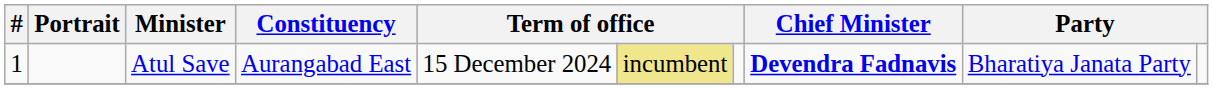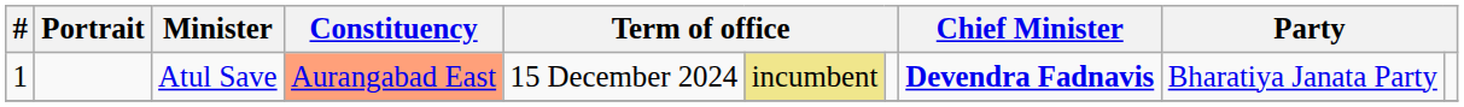 <table class="wikitable" style="text-align:center">
 <tr>
 <th>#</th>
 <th>Portrait</th>
 <th>Minister</th>
 <th><a href='#'>Constituency</a></th>
 <th colspan="3">Term of office</th>
 <th><a href='#'>Chief Minister</a></th>
 <th colspan="2">Party</th>
 </tr>
 <tr>
 <td>1</td>
 <td></td>
 <td><a href='#'>Atul Save</a></td>
-<td><a href='#'>Aurangabad East</a></td>
+<td style="background: lightsalmon;"><a href='#'>Aurangabad East</a></td>
 <td>15 December 2024</td>
 <td style="background: khaki;">incumbent</td>
 <td></td>
 <td><strong><a href='#'>Devendra Fadnavis</a></strong></td>
 <td><a href='#'>Bharatiya Janata Party</a></td>
 <td style="background-color: "></td>
 </tr>
 <tr>
 </tr>
 </table>
